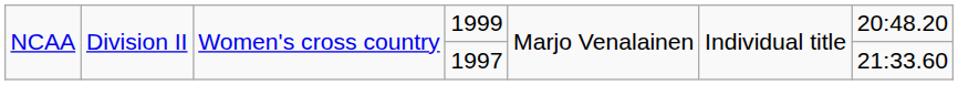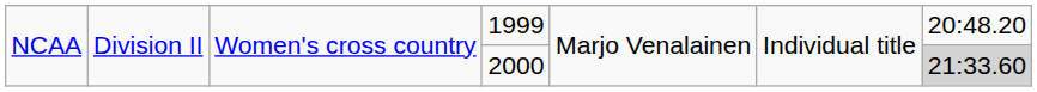 <table class = "wikitable" style = "text-align:center">
 <tr align="center">
 <td rowspan="2"><a href='#'>NCAA</a></td>
 <td rowspan="2"><a href='#'>Division II</a></td>
 <td rowspan="2"><a href='#'>Women's cross country</a></td>
 <td>1999</td>
 <td rowspan="2">Marjo Venalainen</td>
 <td rowspan="2">Individual title</td>
 <td>20:48.20</td>
 </tr>
 <tr align="center">
-<td>1997</td>
-<td>21:33.60</td>
+<td>2000</td>
+<td style="background: lightgrey;">21:33.60</td>
 </tr>
 </table>
